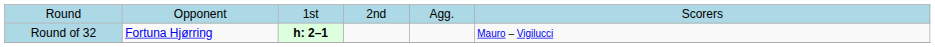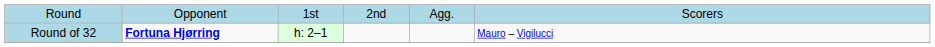 <table class="wikitable" style="text-align:center">
 <tr bgcolor=lightblue>
 <td width=150px>Round</td>
 <td width=200px>Opponent</td>
 <td width=80px>1st</td>
 <td width=80px>2nd</td>
 <td width=80px>Agg.</td>
 <td width=600px>Scorers</td>
 </tr>
 <tr>
 <td bgcolor=lightblue>Round of 32</td>
-<td align=left> <a href='#'>Fortuna Hjørring</a></td>
-<td bgcolor=#ddffdd><strong>h: 2–1</strong></td>
+<td align=left><strong> <a href='#'>Fortuna Hjørring</a></strong></td>
+<td bgcolor=#ddffdd>h: 2–1</td>
 <td></td>
 <td></td>
 <td align=left><small><a href='#'>Mauro</a> – <a href='#'>Vigilucci</a></small></td>
 </tr>
 <tr>
 </tr>
 </table>
